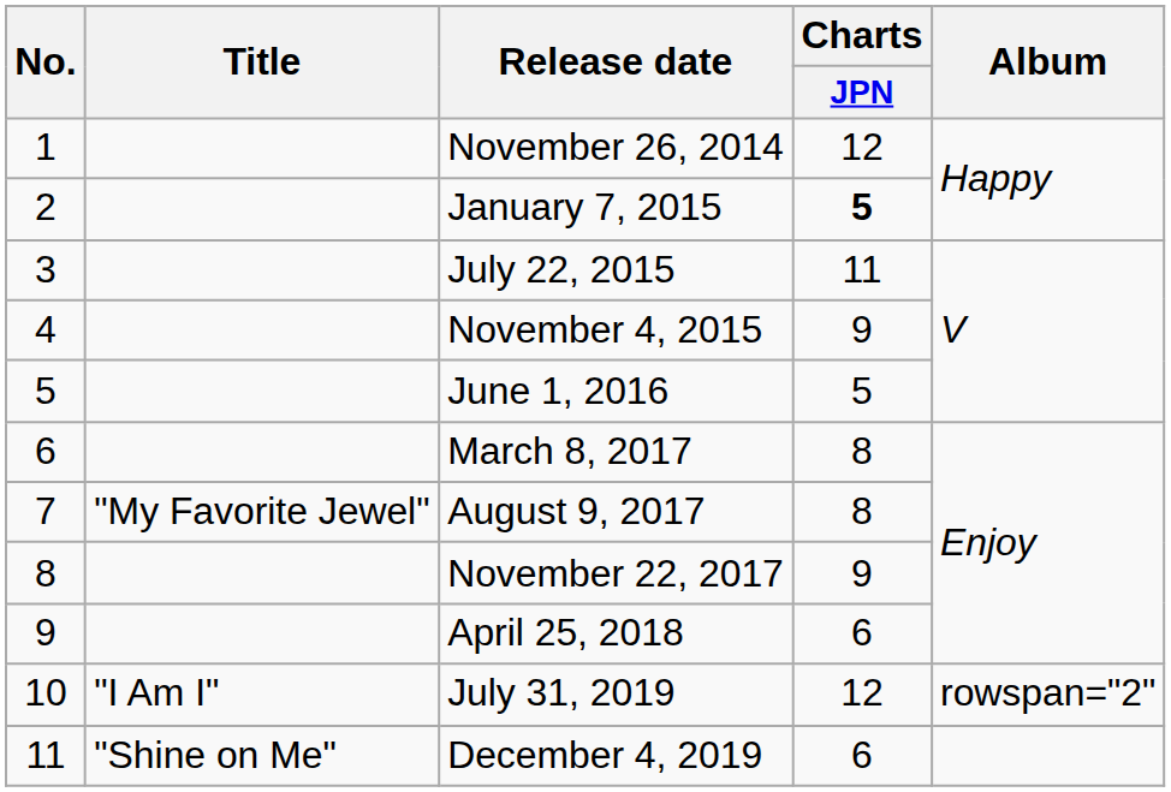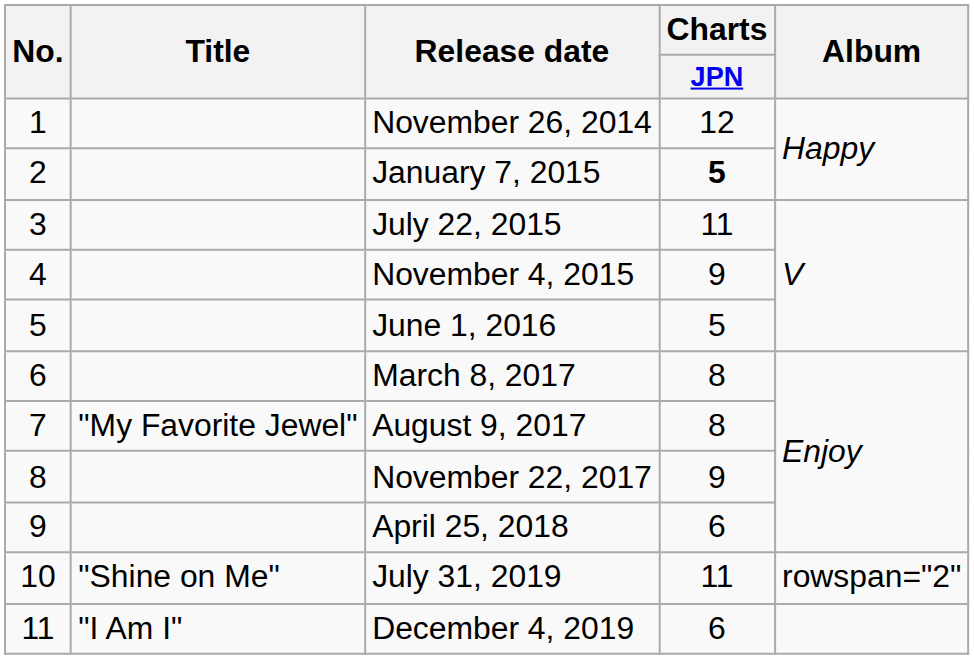 <table class="wikitable">
 <tr>
 <th rowspan="2">No.</th>
 <th rowspan="2">Title</th>
 <th rowspan="2">Release date</th>
 <th>Charts</th>
 <th rowspan="2">Album</th>
 </tr>
 <tr>
 <th style="width:3em;font-size:85%;"><a href='#'>JPN</a><br></th>
 </tr>
 <tr>
 <td align="center">1</td>
 <td></td>
 <td>November 26, 2014</td>
 <td align="center">12</td>
 <td rowspan="2"><em>Happy</em></td>
 </tr>
 <tr>
 <td align="center">2</td>
 <td></td>
 <td>January 7, 2015</td>
 <td align="center"><strong>5</strong></td>
 </tr>
 <tr>
 <td align="center">3</td>
 <td></td>
 <td>July 22, 2015</td>
 <td align="center">11</td>
 <td rowspan="3"><em>V</em></td>
 </tr>
 <tr>
 <td align="center">4</td>
 <td></td>
 <td>November 4, 2015</td>
 <td align="center">9</td>
 </tr>
 <tr>
 <td align="center">5</td>
 <td></td>
 <td>June 1, 2016</td>
 <td align="center">5</td>
 </tr>
 <tr>
 <td align="center">6</td>
 <td></td>
 <td>March 8, 2017</td>
 <td align="center">8</td>
 <td rowspan="4"><em>Enjoy</em></td>
 </tr>
 <tr>
 <td align="center">7</td>
 <td>"My Favorite Jewel"</td>
 <td>August 9, 2017</td>
 <td align="center">8</td>
 </tr>
 <tr>
 <td align="center">8</td>
 <td></td>
 <td>November 22, 2017</td>
 <td align="center">9</td>
 </tr>
 <tr>
 <td align="center">9</td>
 <td></td>
 <td>April 25, 2018</td>
 <td align="center">6</td>
 </tr>
 <tr>
 <td align="center">10</td>
-<td>"I Am I"</td>
+<td>"Shine on Me"</td>
 <td>July 31, 2019</td>
-<td align="center">12</td>
+<td align="center">11</td>
 <td>rowspan="2" </td>
 </tr>
 <tr>
 <td align="center">11</td>
-<td>"Shine on Me"</td>
+<td>"I Am I"</td>
 <td>December 4, 2019</td>
 <td align="center">6</td>
 </tr>
 </table>
